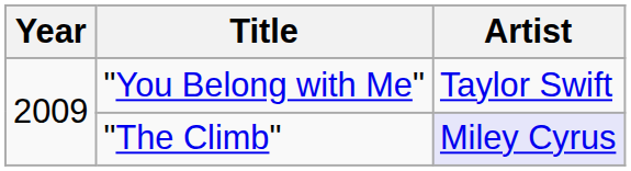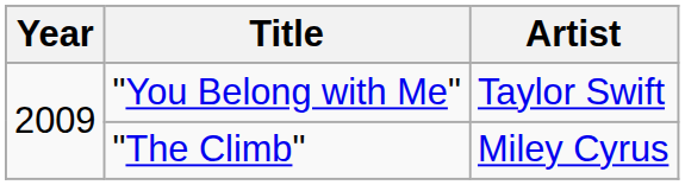 <table class="wikitable unsortable">
 <tr>
 <th>Year</th>
 <th>Title</th>
 <th>Artist</th>
 </tr>
 <tr>
 <td rowspan="2">2009</td>
 <td>"<a href='#'>You Belong with Me</a>"</td>
 <td><a href='#'>Taylor Swift</a></td>
 </tr>
 <tr>
 <td>"<a href='#'>The Climb</a>"</td>
-<td style="background: lavender;"><a href='#'>Miley Cyrus</a></td>
+<td><a href='#'>Miley Cyrus</a></td>
 </tr>
 </table>
